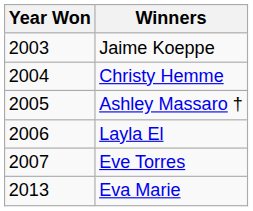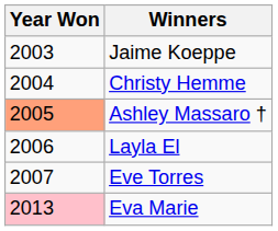 <table class="wikitable">
 <tr>
 <th>Year Won</th>
 <th>Winners</th>
 </tr>
 <tr>
 <td>2003</td>
 <td>Jaime Koeppe</td>
 </tr>
 <tr>
 <td>2004</td>
 <td><a href='#'>Christy Hemme</a></td>
 </tr>
 <tr>
-<td>2005</td>
+<td style="background: lightsalmon;">2005</td>
 <td><a href='#'>Ashley Massaro</a> †</td>
 </tr>
 <tr>
 <td>2006</td>
 <td><a href='#'>Layla El</a></td>
 </tr>
 <tr>
 <td>2007</td>
 <td><a href='#'>Eve Torres</a></td>
 </tr>
 <tr>
-<td>2013</td>
+<td style="background: pink;">2013</td>
 <td><a href='#'>Eva Marie</a></td>
 </tr>
 </table>
